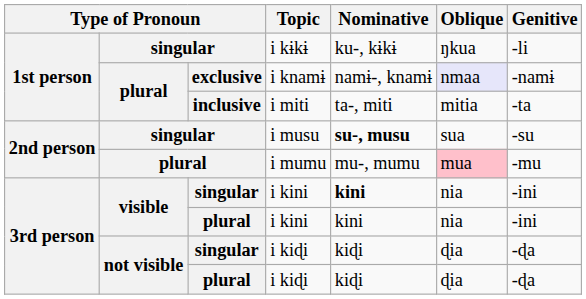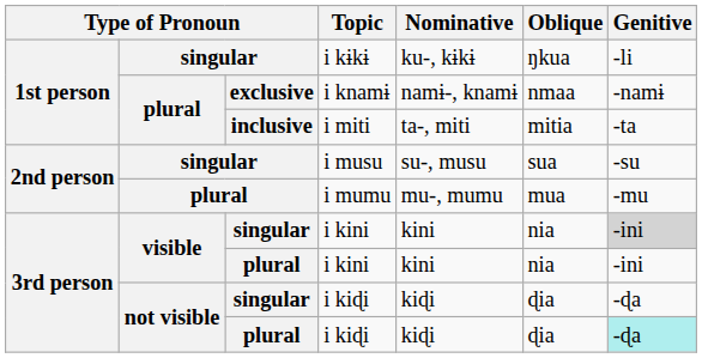 <table class="wikitable">
 <tr>
 <th colspan="3">Type of Pronoun</th>
 <th>Topic</th>
 <th>Nominative</th>
 <th>Oblique</th>
 <th>Genitive</th>
 </tr>
 <tr>
 <th rowspan="3">1st person</th>
 <th colspan="2">singular</th>
 <td>i kɨkɨ</td>
 <td>ku-, kɨkɨ</td>
 <td>ŋkua</td>
 <td>-li</td>
 </tr>
 <tr>
 <th rowspan="2">plural</th>
 <th>exclusive</th>
 <td>i knamɨ</td>
 <td>namɨ-, knamɨ</td>
-<td style="background: lavender;">nmaa</td>
+<td>nmaa</td>
 <td>-namɨ</td>
 </tr>
 <tr>
 <th>inclusive</th>
 <td>i miti</td>
 <td>ta-, miti</td>
 <td>mitia</td>
 <td>-ta</td>
 </tr>
 <tr>
 <th rowspan="2">2nd person</th>
 <th colspan="2">singular</th>
 <td>i musu</td>
-<td><strong>su-, musu</strong></td>
+<td>su-, musu</td>
 <td>sua</td>
 <td>-su</td>
 </tr>
 <tr>
 <th colspan="2">plural</th>
 <td>i mumu</td>
 <td>mu-, mumu</td>
-<td style="background: pink;">mua</td>
+<td>mua</td>
 <td>-mu</td>
 </tr>
 <tr>
 <th rowspan="4">3rd person</th>
 <th rowspan="2">visible</th>
 <th>singular</th>
 <td>i kini</td>
-<td><strong>kini</strong></td>
+<td>kini</td>
 <td>nia</td>
-<td>-ini</td>
+<td style="background: lightgrey;">-ini</td>
 </tr>
 <tr>
 <th>plural</th>
 <td>i kini</td>
 <td>kini</td>
 <td>nia</td>
 <td>-ini</td>
 </tr>
 <tr>
 <th rowspan="2">not visible</th>
 <th>singular</th>
 <td>i kiɖi</td>
 <td>kiɖi</td>
 <td>ɖia</td>
 <td>-ɖa</td>
 </tr>
 <tr>
 <th>plural</th>
 <td>i kiɖi</td>
 <td>kiɖi</td>
 <td>ɖia</td>
-<td>-ɖa</td>
+<td style="background: paleturquoise;">-ɖa</td>
 </tr>
 </table>
